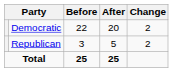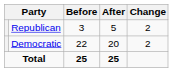 <table class="wikitable" style="text-align:center;">
 <tr>
 <th colspan="2">Party</th>
 <th>Before</th>
 <th>After</th>
 <th>Change</th>
 </tr>
 <tr>
 <th style="background-color:"></th>
-<td style="text-align:left;"><a href='#'>Democratic</a></td>
-<td>22</td>
-<td>20</td>
+<td style="text-align:left;"><a href='#'>Republican</a></td>
+<td>3</td>
+<td>5</td>
 <td> 2</td>
 </tr>
 <tr>
 <th style="background-color:"></th>
-<td style="text-align:left;"><a href='#'>Republican</a></td>
-<td>3</td>
-<td>5</td>
+<td style="text-align:left;"><a href='#'>Democratic</a></td>
+<td>22</td>
+<td>20</td>
 <td> 2</td>
 </tr>
 <tr>
 <td colspan="2"><strong>Total</strong></td>
 <td><strong>25</strong></td>
 <td><strong>25</strong></td>
 <td></td>
 </tr>
 </table>
